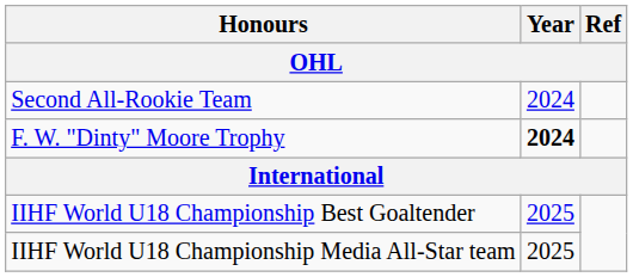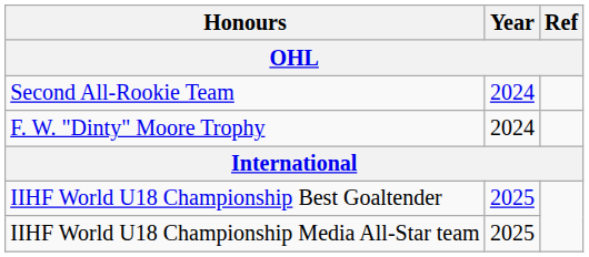 <table class="wikitable">
 <tr>
 <th>Honours</th>
 <th>Year</th>
 <th>Ref</th>
 </tr>
 <tr>
 <th colspan="3"><a href='#'>OHL</a></th>
 </tr>
 <tr>
 <td><a href='#'>Second All-Rookie Team</a></td>
 <td><a href='#'>2024</a></td>
 <td></td>
 </tr>
 <tr>
 <td><a href='#'>F. W. "Dinty" Moore Trophy</a></td>
-<td><strong>2024</strong></td>
+<td>2024</td>
 <td></td>
 </tr>
 <tr>
 <th colspan="3"><a href='#'>International</a></th>
 </tr>
 <tr>
 <td><a href='#'>IIHF World U18 Championship</a> Best Goaltender</td>
 <td><a href='#'>2025</a></td>
 <td rowspan="2"></td>
 </tr>
 <tr>
 <td>IIHF World U18 Championship Media All-Star team</td>
 <td>2025</td>
 </tr>
 </table>
